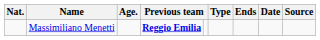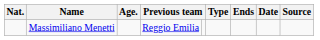 <table class="wikitable sortable">
 <tr>
 <th>Nat.</th>
 <th>Name</th>
 <th>Age.</th>
 <th colspan=2>Previous team</th>
 <th>Type</th>
 <th>Ends</th>
 <th>Date</th>
 <th>Source</th>
 </tr>
 <tr>
 <td></td>
 <td><a href='#'>Massimiliano Menetti</a></td>
 <td></td>
-<td><strong><a href='#'>Reggio Emilia</a></strong></td>
+<td><a href='#'>Reggio Emilia</a></td>
 <td></td>
 <td></td>
 <td></td>
 <td></td>
 <td></td>
 </tr>
 </table>
